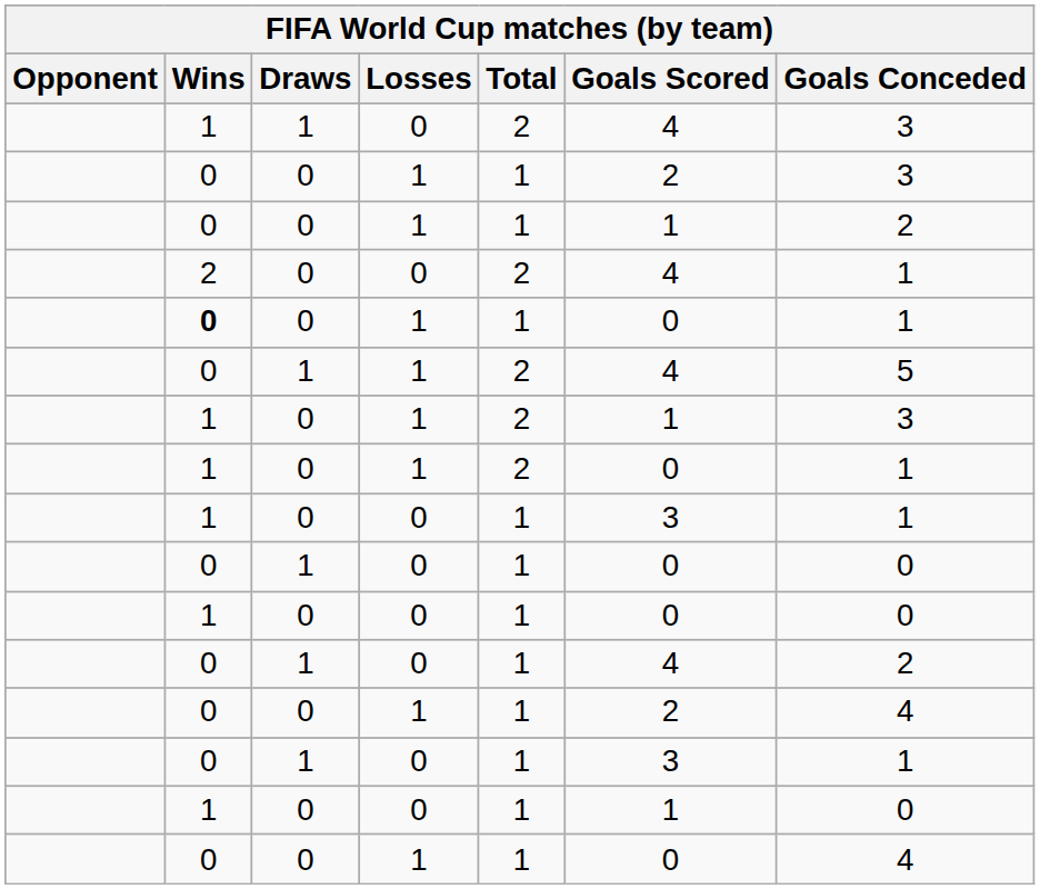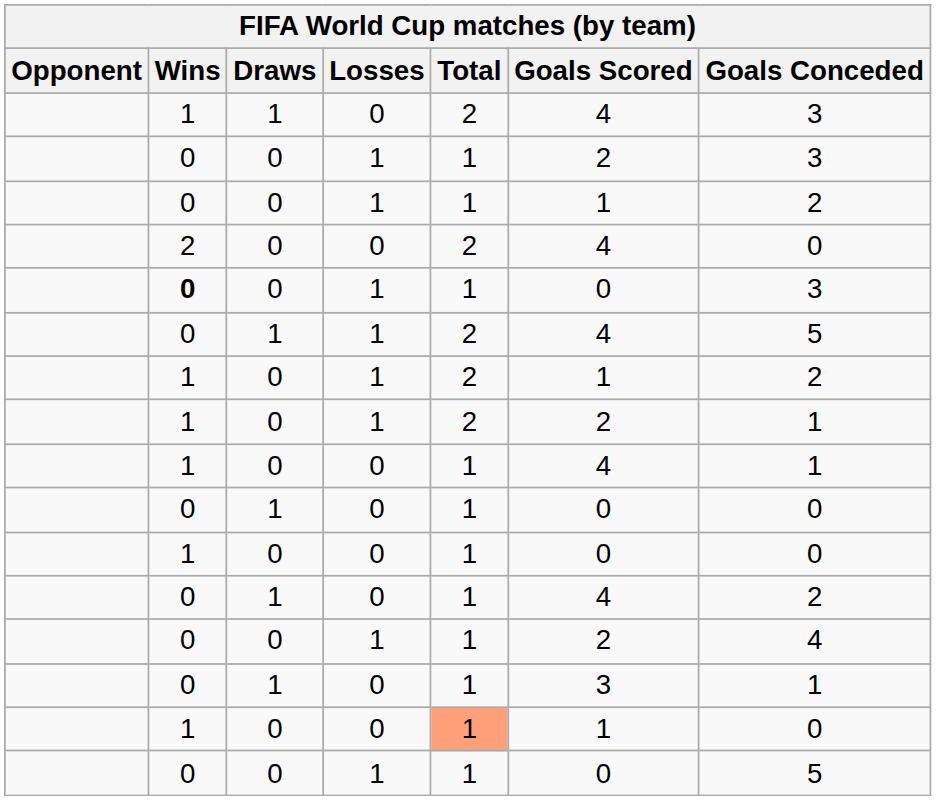 <table class="wikitable sortable" style="text-align: center;">
 <tr>
 <th colspan=7>FIFA World Cup matches (by team)</th>
 </tr>
 <tr>
 <th>Opponent</th>
 <th>Wins</th>
 <th>Draws</th>
 <th>Losses</th>
 <th>Total</th>
 <th>Goals Scored</th>
 <th>Goals Conceded</th>
 </tr>
 <tr>
 <td align="left"></td>
 <td>1</td>
 <td>1</td>
 <td>0</td>
 <td>2</td>
 <td>4</td>
 <td>3</td>
 </tr>
 <tr>
 <td align="left"></td>
 <td>0</td>
 <td>0</td>
 <td>1</td>
 <td>1</td>
 <td>2</td>
 <td>3</td>
 </tr>
 <tr>
 <td align="left"></td>
 <td>0</td>
 <td>0</td>
 <td>1</td>
 <td>1</td>
 <td>1</td>
 <td>2</td>
 </tr>
 <tr>
 <td align="left"></td>
 <td>2</td>
 <td>0</td>
 <td>0</td>
 <td>2</td>
 <td>4</td>
-<td>1</td>
+<td>0</td>
 </tr>
 <tr>
 <td align="left"></td>
 <td><strong>0</strong></td>
 <td>0</td>
 <td>1</td>
 <td>1</td>
 <td>0</td>
-<td>1</td>
+<td>3</td>
 </tr>
 <tr>
 <td align="left"></td>
 <td>0</td>
 <td>1</td>
 <td>1</td>
 <td>2</td>
 <td>4</td>
 <td>5</td>
 </tr>
 <tr>
 <td align="left"></td>
 <td>1</td>
 <td>0</td>
 <td>1</td>
 <td>2</td>
 <td>1</td>
-<td>3</td>
+<td>2</td>
 </tr>
 <tr>
 <td align="left"></td>
 <td>1</td>
 <td>0</td>
 <td>1</td>
 <td>2</td>
-<td>0</td>
+<td>2</td>
 <td>1</td>
 </tr>
 <tr>
 <td align="left"></td>
 <td>1</td>
 <td>0</td>
 <td>0</td>
 <td>1</td>
-<td>3</td>
+<td>4</td>
 <td>1</td>
 </tr>
 <tr>
 <td align="left"></td>
 <td>0</td>
 <td>1</td>
 <td>0</td>
 <td>1</td>
 <td>0</td>
 <td>0</td>
 </tr>
 <tr>
 <td align="left"></td>
 <td>1</td>
 <td>0</td>
 <td>0</td>
 <td>1</td>
 <td>0</td>
 <td>0</td>
 </tr>
 <tr>
 <td align="left"></td>
 <td>0</td>
 <td>1</td>
 <td>0</td>
 <td>1</td>
 <td>4</td>
 <td>2</td>
 </tr>
 <tr>
 <td align="left"></td>
 <td>0</td>
 <td>0</td>
 <td>1</td>
 <td>1</td>
 <td>2</td>
 <td>4</td>
 </tr>
 <tr>
 <td align="left"></td>
 <td>0</td>
 <td>1</td>
 <td>0</td>
 <td>1</td>
 <td>3</td>
 <td>1</td>
 </tr>
 <tr>
 <td align="left"></td>
 <td>1</td>
 <td>0</td>
 <td>0</td>
-<td>1</td>
+<td style="background: lightsalmon;">1</td>
 <td>1</td>
 <td>0</td>
 </tr>
 <tr>
 <td align="left"></td>
 <td>0</td>
 <td>0</td>
 <td>1</td>
 <td>1</td>
 <td>0</td>
-<td>4</td>
+<td>5</td>
 </tr>
 </table>
